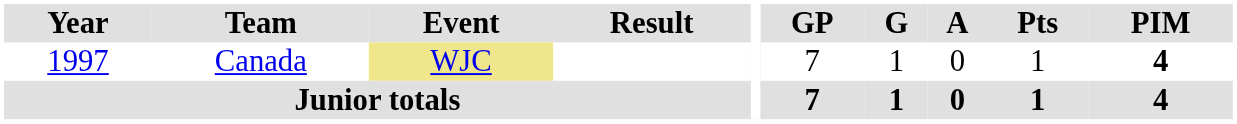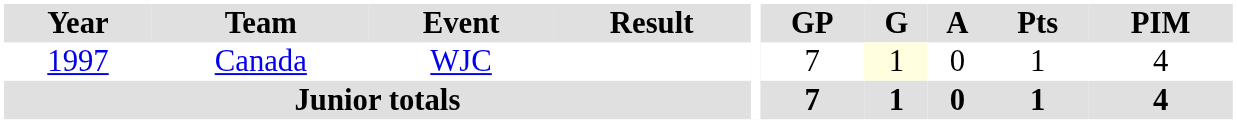 <table border="0" cellpadding="1" cellspacing="0" ID="Table3" style="text-align:center; width:40em">
 <tr ALIGN="center" bgcolor="#e0e0e0">
 <th>Year</th>
 <th>Team</th>
 <th>Event</th>
 <th>Result</th>
 <th rowspan="99" bgcolor="#ffffff"></th>
 <th>GP</th>
 <th>G</th>
 <th>A</th>
 <th>Pts</th>
 <th>PIM</th>
 </tr>
 <tr>
 <td><a href='#'>1997</a></td>
 <td><a href='#'>Canada</a></td>
-<td style="background: khaki;"><a href='#'>WJC</a></td>
+<td><a href='#'>WJC</a></td>
 <td></td>
 <td>7</td>
-<td>1</td>
+<td style="background: lightyellow;">1</td>
 <td>0</td>
 <td>1</td>
-<td><strong>4</strong></td>
+<td>4</td>
 </tr>
 <tr bgcolor="#e0e0e0">
 <th colspan="4">Junior totals</th>
 <th>7</th>
 <th>1</th>
 <th>0</th>
 <th>1</th>
 <th>4</th>
 </tr>
 </table>
